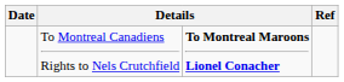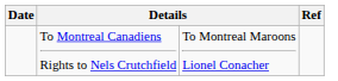 <table class="wikitable">
 <tr>
 <th>Date</th>
 <th colspan="2">Details</th>
 <th>Ref</th>
 </tr>
 <tr>
 <td></td>
 <td style="vertical-align:top">To <a href='#'>Montreal Canadiens</a><hr> Rights to <a href='#'>Nels Crutchfield</a></td>
-<td style="vertical-align:top"><strong>To Montreal Maroons<hr><a href='#'>Lionel Conacher</a></strong></td>
+<td style="vertical-align:top">To Montreal Maroons<hr><a href='#'>Lionel Conacher</a></td>
 <td></td>
 </tr>
 </table>
